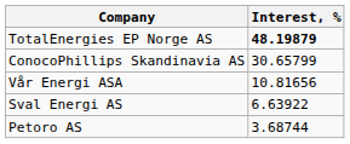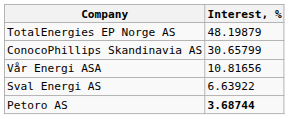 <table class="wikitable">
 <tr>
 <th>Company</th>
 <th>Interest,  %</th>
 </tr>
 <tr>
 <td>TotalEnergies  EP Norge AS</td>
-<td><strong>48.19879</strong></td>
+<td>48.19879</td>
 </tr>
 <tr>
 <td>ConocoPhillips  Skandinavia AS</td>
 <td>30.65799</td>
 </tr>
 <tr>
 <td>Vår  Energi ASA</td>
 <td>10.81656</td>
 </tr>
 <tr>
 <td>Sval  Energi AS</td>
 <td>6.63922</td>
 </tr>
 <tr>
 <td>Petoro AS</td>
-<td>3.68744</td>
+<td><strong>3.68744</strong></td>
 </tr>
 </table>
